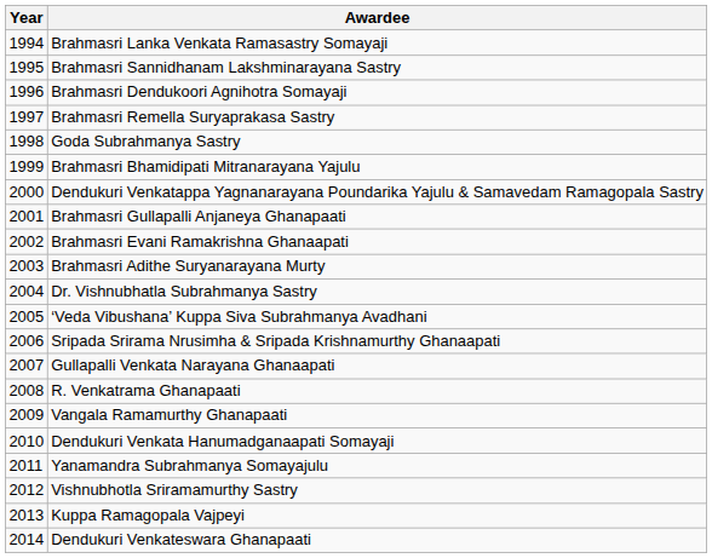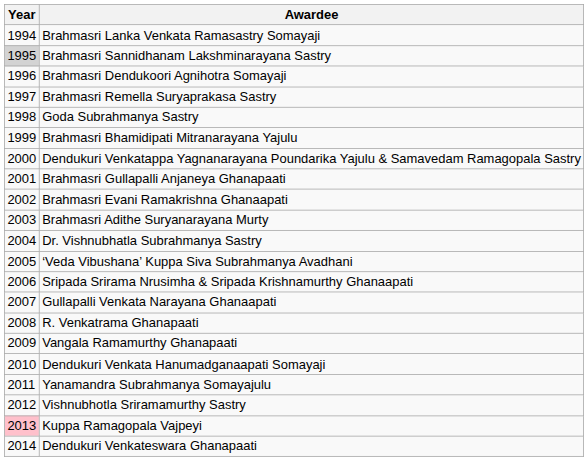 <table class="wikitable">
 <tr>
 <th>Year</th>
 <th>Awardee</th>
 </tr>
 <tr>
 <td>1994</td>
 <td>Brahmasri Lanka Venkata Ramasastry Somayaji</td>
 </tr>
 <tr>
-<td>1995</td>
+<td style="background: lightgrey;">1995</td>
 <td>Brahmasri Sannidhanam Lakshminarayana Sastry</td>
 </tr>
 <tr>
 <td>1996</td>
 <td>Brahmasri Dendukoori Agnihotra Somayaji</td>
 </tr>
 <tr>
 <td>1997</td>
 <td>Brahmasri Remella Suryaprakasa Sastry</td>
 </tr>
 <tr>
 <td>1998</td>
 <td>Goda Subrahmanya Sastry</td>
 </tr>
 <tr>
 <td>1999</td>
 <td>Brahmasri Bhamidipati Mitranarayana Yajulu</td>
 </tr>
 <tr>
 <td>2000</td>
 <td>Dendukuri Venkatappa Yagnanarayana Poundarika Yajulu & Samavedam Ramagopala Sastry</td>
 </tr>
 <tr>
 <td>2001</td>
 <td>Brahmasri Gullapalli Anjaneya Ghanapaati</td>
 </tr>
 <tr>
 <td>2002</td>
 <td>Brahmasri Evani Ramakrishna Ghanaapati</td>
 </tr>
 <tr>
 <td>2003</td>
 <td>Brahmasri Adithe Suryanarayana Murty</td>
 </tr>
 <tr>
 <td>2004</td>
 <td>Dr. Vishnubhatla Subrahmanya Sastry</td>
 </tr>
 <tr>
 <td>2005</td>
 <td>‘Veda Vibushana’ Kuppa Siva Subrahmanya Avadhani</td>
 </tr>
 <tr>
 <td>2006</td>
 <td>Sripada Srirama Nrusimha & Sripada Krishnamurthy Ghanaapati</td>
 </tr>
 <tr>
 <td>2007</td>
 <td>Gullapalli Venkata Narayana Ghanaapati</td>
 </tr>
 <tr>
 <td>2008</td>
 <td>R. Venkatrama Ghanapaati</td>
 </tr>
 <tr>
 <td>2009</td>
 <td>Vangala Ramamurthy Ghanapaati</td>
 </tr>
 <tr>
 <td>2010</td>
 <td>Dendukuri Venkata Hanumadganaapati Somayaji</td>
 </tr>
 <tr>
 <td>2011</td>
 <td>Yanamandra Subrahmanya Somayajulu</td>
 </tr>
 <tr>
 <td>2012</td>
 <td>Vishnubhotla Sriramamurthy Sastry</td>
 </tr>
 <tr>
-<td>2013</td>
+<td style="background: pink;">2013</td>
 <td>Kuppa Ramagopala Vajpeyi</td>
 </tr>
 <tr>
 <td>2014</td>
 <td>Dendukuri Venkateswara Ghanapaati</td>
 </tr>
 </table>
